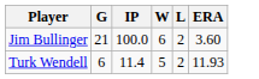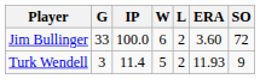 <table class="wikitable sortable" style="text-align:center">
 <tr>
 <th>Player</th>
 <th>G</th>
 <th>IP</th>
 <th>W</th>
 <th>L</th>
 <th>ERA</th>
+<th>SO</th>
 </tr>
 <tr>
 <td><a href='#'>Jim Bullinger</a></td>
-<td>21</td>
+<td>33</td>
 <td>100.0</td>
 <td>6</td>
 <td>2</td>
 <td>3.60</td>
+<td>72</td>
 </tr>
 <tr>
 <td><a href='#'>Turk Wendell</a></td>
-<td>6</td>
+<td>3</td>
 <td>11.4</td>
 <td>5</td>
 <td>2</td>
 <td>11.93</td>
+<td>9</td>
 </tr>
 </table>
